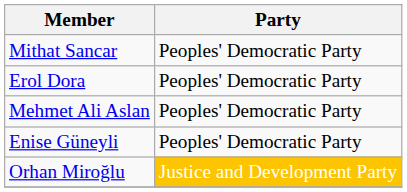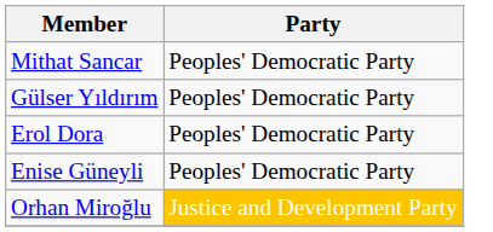 <table class="wikitable">
 <tr>
 <th>Member</th>
 <th>Party</th>
 </tr>
 <tr>
 <td><a href='#'>Mithat Sancar</a></td>
 <td style="background:">Peoples' Democratic Party</td>
 </tr>
 <tr>
-<td><a href='#'>Erol Dora</a></td>
+<td><a href='#'>Gülser Yıldırım</a></td>
 <td style="background:">Peoples' Democratic Party</td>
 </tr>
 <tr>
-<td><a href='#'>Mehmet Ali Aslan</a></td>
+<td><a href='#'>Erol Dora</a></td>
 <td style="background:">Peoples' Democratic Party</td>
 </tr>
 <tr>
 <td><a href='#'>Enise Güneyli</a></td>
 <td style="background:">Peoples' Democratic Party</td>
 </tr>
 <tr>
 <td><a href='#'>Orhan Miroğlu</a></td>
 <td style="background:#FDC400; color:white">Justice and Development Party</td>
 </tr>
 <tr>
 </tr>
 </table>
